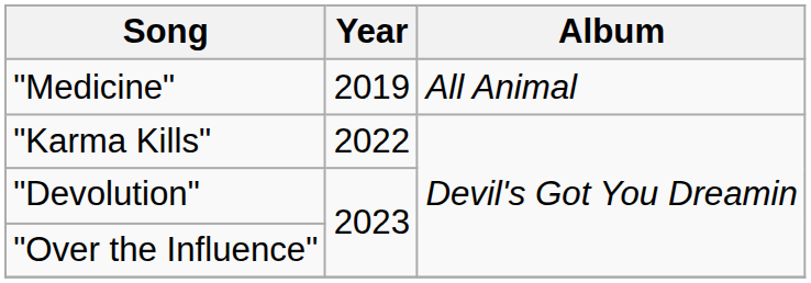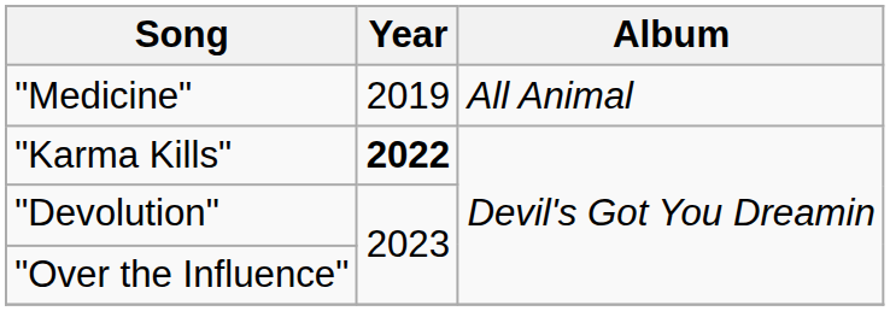 <table class="wikitable">
 <tr>
 <th rowspan="1">Song</th>
 <th rowspan="1">Year</th>
 <th rowspan="1">Album</th>
 </tr>
 <tr>
 <td>"Medicine"</td>
 <td>2019</td>
 <td><em>All Animal</em></td>
 </tr>
 <tr>
 <td>"Karma Kills"</td>
-<td>2022</td>
+<td><strong>2022</strong></td>
 <td rowspan="3"><em>Devil's Got You Dreamin<strong></td>
 </tr>
 <tr>
 <td>"Devolution"</td>
 <td rowspan="2">2023</td>
 </tr>
 <tr>
 <td>"Over the Influence"</td>
 </tr>
 <tr>
 </tr>
 </table>
